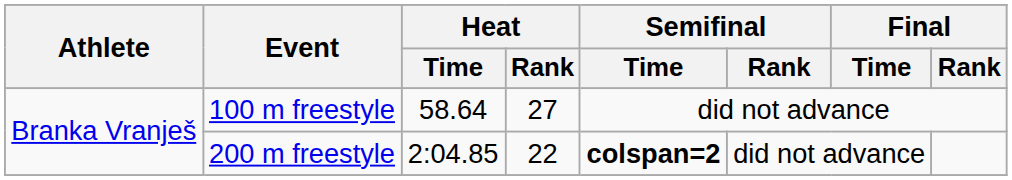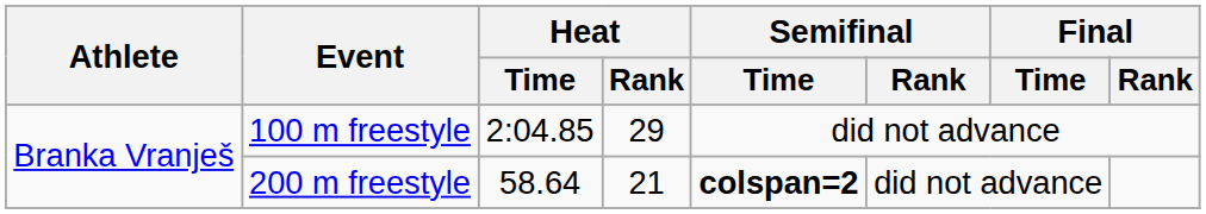 <table class=wikitable style="font-size:90%">
 <tr>
 <th rowspan=2>Athlete</th>
 <th rowspan=2>Event</th>
 <th colspan="2">Heat</th>
 <th colspan="2">Semifinal</th>
 <th colspan="2">Final</th>
 </tr>
 <tr style="font-size:95%">
 <th>Time</th>
 <th>Rank</th>
 <th>Time</th>
 <th>Rank</th>
 <th>Time</th>
 <th>Rank</th>
 </tr>
 <tr align=center>
 <td align=left rowspan=2><a href='#'>Branka Vranješ</a></td>
 <td align=left><a href='#'>100 m freestyle</a></td>
-<td>58.64</td>
-<td>27</td>
+<td>2:04.85</td>
+<td>29</td>
 <td colspan=4>did not advance</td>
 </tr>
 <tr align=center>
 <td align=left><a href='#'>200 m freestyle</a></td>
-<td>2:04.85</td>
-<td>22</td>
+<td>58.64</td>
+<td>21</td>
 <td><strong>colspan=2 </strong></td>
 <td colspan=2>did not advance</td>
 </tr>
 </table>
